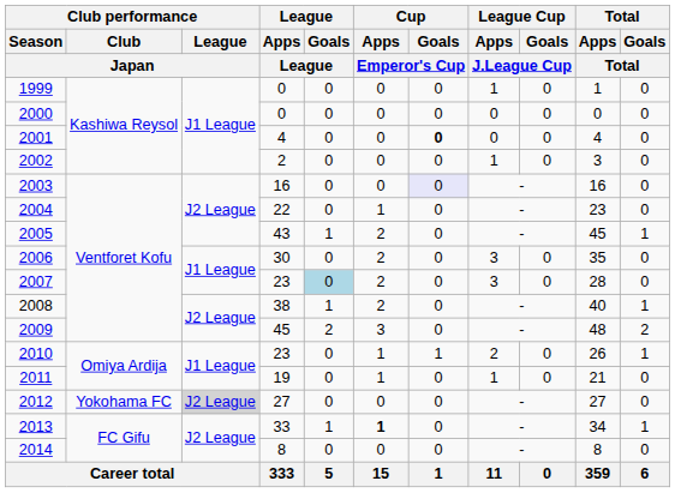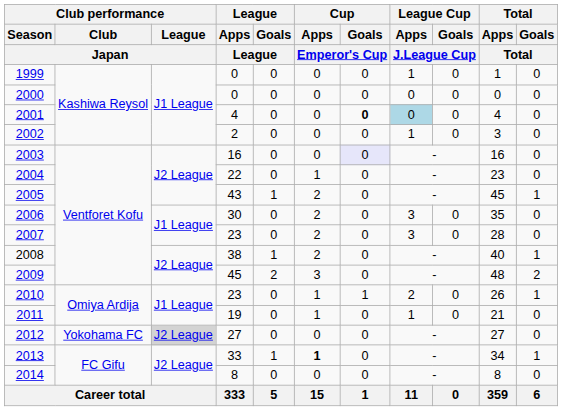 <table class="wikitable" style="text-align:center">
 <tr>
 <th colspan=3>Club performance</th>
 <th colspan=2>League</th>
 <th colspan=2>Cup</th>
 <th colspan=2>League Cup</th>
 <th colspan=2>Total</th>
 </tr>
 <tr>
 <th>Season</th>
 <th>Club</th>
 <th>League</th>
 <th>Apps</th>
 <th>Goals</th>
 <th>Apps</th>
 <th>Goals</th>
 <th>Apps</th>
 <th>Goals</th>
 <th>Apps</th>
 <th>Goals</th>
 </tr>
 <tr>
 <th colspan=3>Japan</th>
 <th colspan=2>League</th>
 <th colspan=2><a href='#'>Emperor's Cup</a></th>
 <th colspan=2><a href='#'>J.League Cup</a></th>
 <th colspan=2>Total</th>
 </tr>
 <tr>
 <td><a href='#'>1999</a></td>
 <td rowspan="4"><a href='#'>Kashiwa Reysol</a></td>
 <td rowspan="4"><a href='#'>J1 League</a></td>
 <td>0</td>
 <td>0</td>
 <td>0</td>
 <td>0</td>
 <td>1</td>
 <td>0</td>
 <td>1</td>
 <td>0</td>
 </tr>
 <tr>
 <td><a href='#'>2000</a></td>
 <td>0</td>
 <td>0</td>
 <td>0</td>
 <td>0</td>
 <td>0</td>
 <td>0</td>
 <td>0</td>
 <td>0</td>
 </tr>
 <tr>
 <td><a href='#'>2001</a></td>
 <td>4</td>
 <td>0</td>
 <td>0</td>
 <td><strong>0</strong></td>
-<td>0</td>
+<td style="background: lightblue;">0</td>
 <td>0</td>
 <td>4</td>
 <td>0</td>
 </tr>
 <tr>
 <td><a href='#'>2002</a></td>
 <td>2</td>
 <td>0</td>
 <td>0</td>
 <td>0</td>
 <td>1</td>
 <td>0</td>
 <td>3</td>
 <td>0</td>
 </tr>
 <tr>
 <td><a href='#'>2003</a></td>
 <td rowspan="7"><a href='#'>Ventforet Kofu</a></td>
 <td rowspan="3"><a href='#'>J2 League</a></td>
 <td>16</td>
 <td>0</td>
 <td>0</td>
 <td style="background: lavender;">0</td>
 <td colspan="2">-</td>
 <td>16</td>
 <td>0</td>
 </tr>
 <tr>
 <td><a href='#'>2004</a></td>
 <td>22</td>
 <td>0</td>
 <td>1</td>
 <td>0</td>
 <td colspan="2">-</td>
 <td>23</td>
 <td>0</td>
 </tr>
 <tr>
 <td><a href='#'>2005</a></td>
 <td>43</td>
 <td>1</td>
 <td>2</td>
 <td>0</td>
 <td colspan="2">-</td>
 <td>45</td>
 <td>1</td>
 </tr>
 <tr>
 <td><a href='#'>2006</a></td>
 <td rowspan="2"><a href='#'>J1 League</a></td>
 <td>30</td>
 <td>0</td>
 <td>2</td>
 <td>0</td>
 <td>3</td>
 <td>0</td>
 <td>35</td>
 <td>0</td>
 </tr>
 <tr>
 <td><a href='#'>2007</a></td>
 <td>23</td>
-<td style="background: lightblue;">0</td>
+<td>0</td>
 <td>2</td>
 <td>0</td>
 <td>3</td>
 <td>0</td>
 <td>28</td>
 <td>0</td>
 </tr>
 <tr>
 <td>2008</td>
 <td rowspan="2"><a href='#'>J2 League</a></td>
 <td>38</td>
 <td>1</td>
 <td>2</td>
 <td>0</td>
 <td colspan="2">-</td>
 <td>40</td>
 <td>1</td>
 </tr>
 <tr>
 <td><a href='#'>2009</a></td>
 <td>45</td>
 <td>2</td>
 <td>3</td>
 <td>0</td>
 <td colspan="2">-</td>
 <td>48</td>
 <td>2</td>
 </tr>
 <tr>
 <td><a href='#'>2010</a></td>
 <td rowspan="2"><a href='#'>Omiya Ardija</a></td>
 <td rowspan="2"><a href='#'>J1 League</a></td>
 <td>23</td>
 <td>0</td>
 <td>1</td>
 <td>1</td>
 <td>2</td>
 <td>0</td>
 <td>26</td>
 <td>1</td>
 </tr>
 <tr>
 <td><a href='#'>2011</a></td>
 <td>19</td>
 <td>0</td>
 <td>1</td>
 <td>0</td>
 <td>1</td>
 <td>0</td>
 <td>21</td>
 <td>0</td>
 </tr>
 <tr>
 <td><a href='#'>2012</a></td>
 <td><a href='#'>Yokohama FC</a></td>
 <td style="background: lightgrey;"><a href='#'>J2 League</a></td>
 <td>27</td>
 <td>0</td>
 <td>0</td>
 <td>0</td>
 <td colspan="2">-</td>
 <td>27</td>
 <td>0</td>
 </tr>
 <tr>
 <td><a href='#'>2013</a></td>
 <td rowspan="2"><a href='#'>FC Gifu</a></td>
 <td rowspan="2"><a href='#'>J2 League</a></td>
 <td>33</td>
 <td>1</td>
 <td><strong>1</strong></td>
 <td>0</td>
 <td colspan="2">-</td>
 <td>34</td>
 <td>1</td>
 </tr>
 <tr>
 <td><a href='#'>2014</a></td>
 <td>8</td>
 <td>0</td>
 <td>0</td>
 <td>0</td>
 <td colspan=2>-</td>
 <td>8</td>
 <td>0</td>
 </tr>
 <tr>
 <th colspan=3>Career total</th>
 <th>333</th>
 <th>5</th>
 <th>15</th>
 <th>1</th>
 <th>11</th>
 <th>0</th>
 <th>359</th>
 <th>6</th>
 </tr>
 </table>
